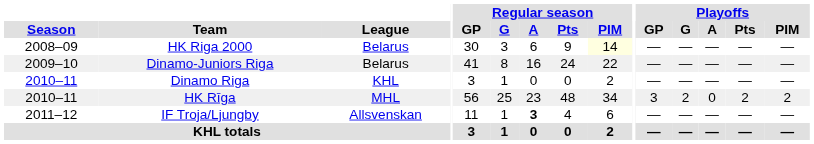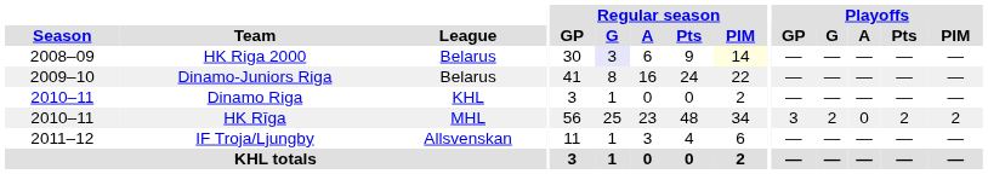 <table border="0" cellpadding="1" cellspacing="0" style="text-align:center; width:75%">
 <tr bgcolor="#e0e0e0">
 <th colspan="3" bgcolor="#ffffff"></th>
 <th rowspan="99" bgcolor="#ffffff"></th>
 <th colspan="5"><a href='#'>Regular season</a></th>
 <th rowspan="99" bgcolor="#ffffff"></th>
 <th colspan="5"><a href='#'>Playoffs</a></th>
 </tr>
 <tr bgcolor="#e0e0e0">
 <th><a href='#'>Season</a></th>
 <th>Team</th>
 <th>League</th>
 <th>GP</th>
 <th><a href='#'>G</a></th>
 <th><a href='#'>A</a></th>
 <th><a href='#'>Pts</a></th>
 <th><a href='#'>PIM</a></th>
 <th>GP</th>
 <th>G</th>
 <th>A</th>
 <th>Pts</th>
 <th>PIM</th>
 </tr>
 <tr ALIGN="center">
 <td>2008–09</td>
 <td><a href='#'>HK Riga 2000</a></td>
 <td><a href='#'>Belarus</a></td>
 <td>30</td>
-<td>3</td>
+<td style="background: lavender;">3</td>
 <td>6</td>
 <td>9</td>
 <td style="background: lightyellow;">14</td>
 <td>—</td>
 <td>—</td>
 <td>—</td>
 <td>—</td>
 <td>—</td>
 </tr>
 <tr ALIGN="center" bgcolor="#f0f0f0">
 <td>2009–10</td>
 <td><a href='#'>Dinamo-Juniors Riga</a></td>
 <td>Belarus</td>
 <td>41</td>
 <td>8</td>
 <td>16</td>
 <td>24</td>
 <td>22</td>
 <td>—</td>
 <td>—</td>
 <td>—</td>
 <td>—</td>
 <td>—</td>
 </tr>
 <tr ALIGN="center">
 <td><a href='#'>2010–11</a></td>
 <td><a href='#'>Dinamo Riga</a></td>
 <td><a href='#'>KHL</a></td>
 <td>3</td>
 <td>1</td>
 <td>0</td>
 <td>0</td>
 <td>2</td>
 <td>—</td>
 <td>—</td>
 <td>—</td>
 <td>—</td>
 <td>—</td>
 </tr>
 <tr ALIGN="center" bgcolor="#f0f0f0">
 <td>2010–11</td>
 <td><a href='#'>HK Rīga</a></td>
 <td><a href='#'>MHL</a></td>
 <td>56</td>
 <td>25</td>
 <td>23</td>
 <td>48</td>
 <td>34</td>
 <td>3</td>
 <td>2</td>
 <td>0</td>
 <td>2</td>
 <td>2</td>
 </tr>
 <tr ALIGN="center">
 <td>2011–12</td>
 <td><a href='#'>IF Troja/Ljungby</a></td>
 <td><a href='#'>Allsvenskan</a></td>
 <td>11</td>
 <td>1</td>
-<td><strong>3</strong></td>
+<td>3</td>
 <td>4</td>
 <td>6</td>
 <td>—</td>
 <td>—</td>
 <td>—</td>
 <td>—</td>
 <td>—</td>
 </tr>
 <tr bgcolor="#e0e0e0">
 <th colspan="3">KHL totals</th>
 <th>3</th>
 <th>1</th>
 <th>0</th>
 <th>0</th>
 <th>2</th>
 <th>—</th>
 <th>—</th>
 <th>—</th>
 <th>—</th>
 <th>—</th>
 </tr>
 </table>
